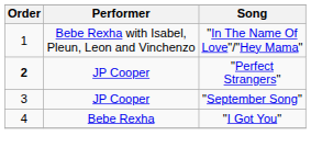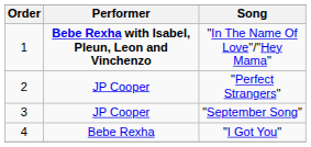 <table class="wikitable" style="text-align:center; width:45%;">
 <tr>
 </tr>
 <tr>
 <th style="width:01%;">Order</th>
 <th style="width:60%;">Performer</th>
 <th style="width:39%;">Song</th>
 </tr>
 <tr>
 <td>1</td>
-<td><a href='#'>Bebe Rexha</a> with Isabel, Pleun, Leon and Vinchenzo</td>
+<td><strong><a href='#'>Bebe Rexha</a> with Isabel, Pleun, Leon and Vinchenzo</strong></td>
 <td>"<a href='#'>In The Name Of Love</a>"/"<a href='#'>Hey Mama</a>"</td>
 </tr>
 <tr>
-<td><strong>2</strong></td>
+<td>2</td>
 <td><a href='#'>JP Cooper</a></td>
 <td>"<a href='#'>Perfect Strangers</a>"</td>
 </tr>
 <tr>
 <td>3</td>
 <td><a href='#'>JP Cooper</a></td>
 <td>"<a href='#'>September Song</a>"</td>
 </tr>
 <tr>
 <td>4</td>
 <td><a href='#'>Bebe Rexha</a></td>
 <td>"<a href='#'>I Got You</a>"</td>
 </tr>
 <tr>
 </tr>
 </table>
